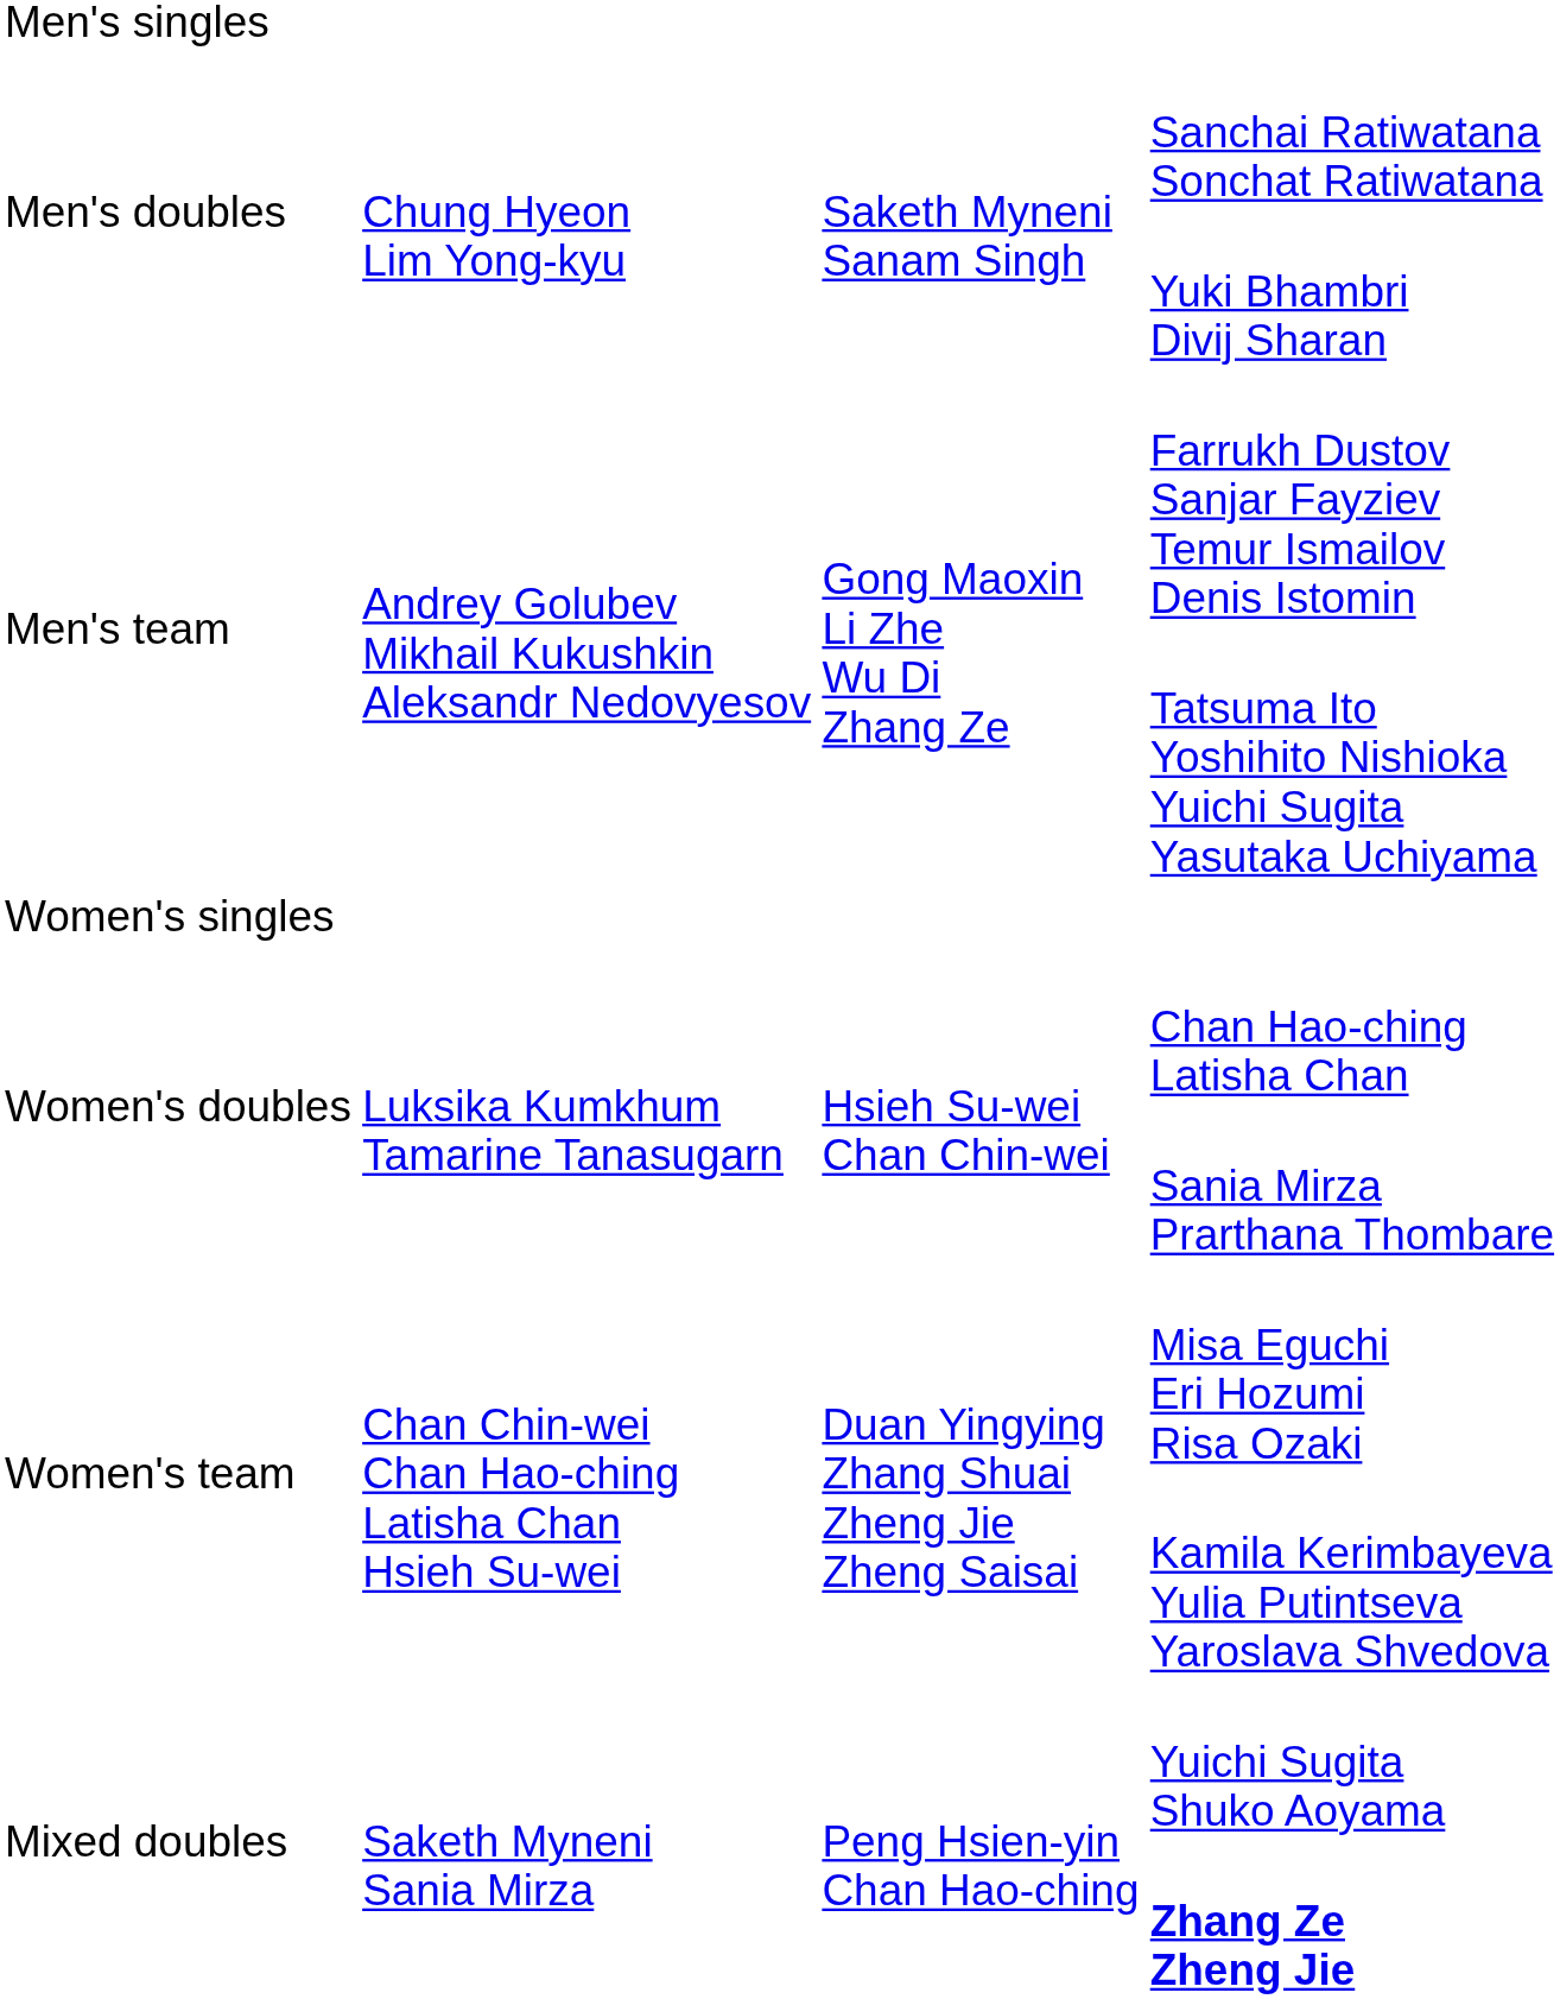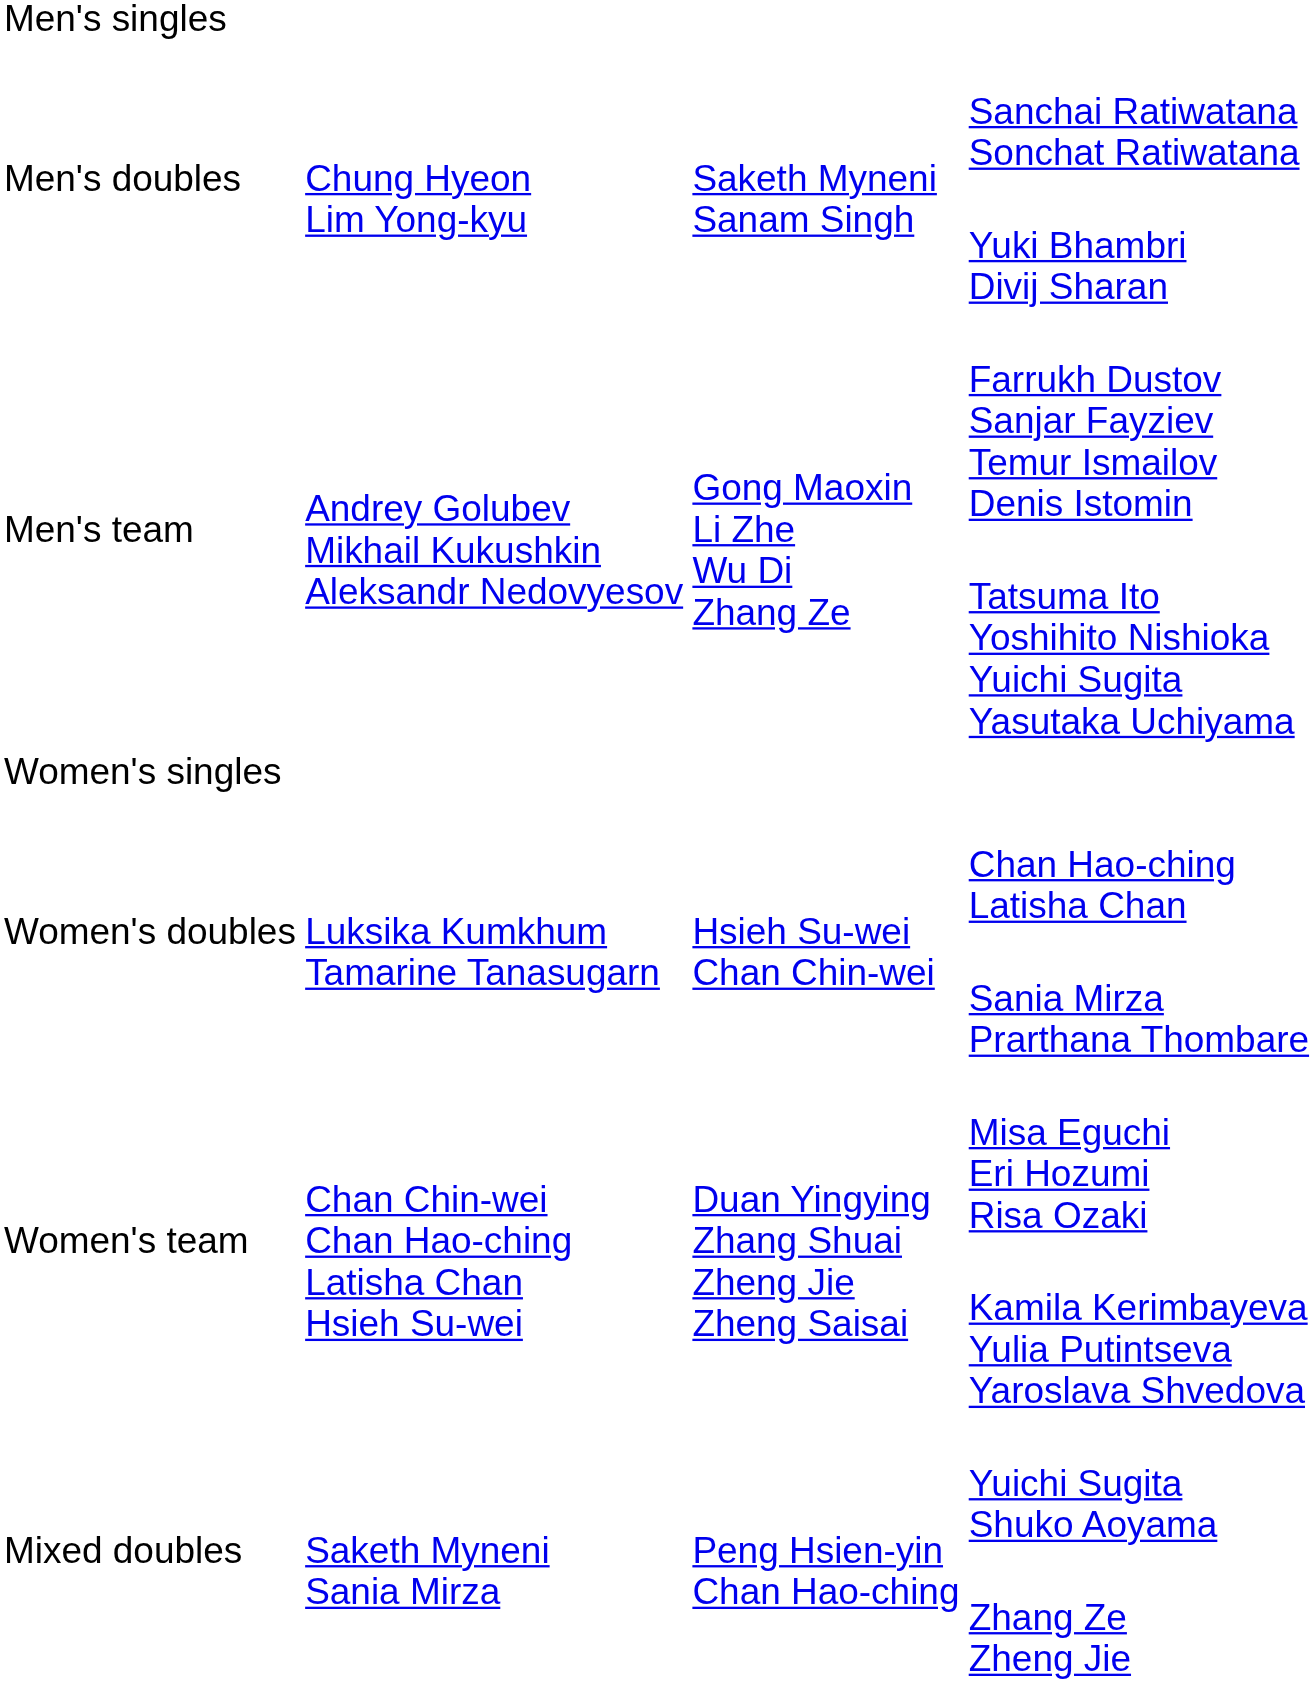 <table>
 <tr>
 <td rowspan=2>Men's singles<br></td>
 <td rowspan=2></td>
 <td rowspan=2></td>
 <td></td>
 </tr>
 <tr>
 <td></td>
 </tr>
 <tr>
 <td rowspan=2>Men's doubles<br></td>
 <td rowspan=2><br><a href='#'>Chung Hyeon</a><br><a href='#'>Lim Yong-kyu</a></td>
 <td rowspan=2><br><a href='#'>Saketh Myneni</a><br><a href='#'>Sanam Singh</a></td>
 <td><br><a href='#'>Sanchai Ratiwatana</a><br><a href='#'>Sonchat Ratiwatana</a></td>
 </tr>
 <tr>
 <td><br><a href='#'>Yuki Bhambri</a><br><a href='#'>Divij Sharan</a></td>
 </tr>
 <tr>
 <td rowspan=2>Men's team<br></td>
 <td rowspan=2><br><a href='#'>Andrey Golubev</a><br><a href='#'>Mikhail Kukushkin</a><br><a href='#'>Aleksandr Nedovyesov</a></td>
 <td rowspan=2><br><a href='#'>Gong Maoxin</a><br><a href='#'>Li Zhe</a><br><a href='#'>Wu Di</a><br><a href='#'>Zhang Ze</a></td>
 <td><br><a href='#'>Farrukh Dustov</a><br><a href='#'>Sanjar Fayziev</a><br><a href='#'>Temur Ismailov</a><br><a href='#'>Denis Istomin</a></td>
 </tr>
 <tr>
 <td><br><a href='#'>Tatsuma Ito</a><br><a href='#'>Yoshihito Nishioka</a><br><a href='#'>Yuichi Sugita</a><br><a href='#'>Yasutaka Uchiyama</a></td>
 </tr>
 <tr>
 <td rowspan=2>Women's singles<br></td>
 <td rowspan=2></td>
 <td rowspan=2></td>
 <td></td>
 </tr>
 <tr>
 <td></td>
 </tr>
 <tr>
 <td rowspan=2>Women's doubles<br></td>
 <td rowspan=2><br><a href='#'>Luksika Kumkhum</a><br><a href='#'>Tamarine Tanasugarn</a></td>
 <td rowspan=2><br><a href='#'>Hsieh Su-wei</a><br><a href='#'>Chan Chin-wei</a></td>
 <td><br><a href='#'>Chan Hao-ching</a><br><a href='#'>Latisha Chan</a></td>
 </tr>
 <tr>
 <td><br><a href='#'>Sania Mirza</a><br><a href='#'>Prarthana Thombare</a></td>
 </tr>
 <tr>
 <td rowspan=2>Women's team<br></td>
 <td rowspan=2><br><a href='#'>Chan Chin-wei</a><br><a href='#'>Chan Hao-ching</a><br><a href='#'>Latisha Chan</a><br><a href='#'>Hsieh Su-wei</a></td>
 <td rowspan=2><br><a href='#'>Duan Yingying</a><br><a href='#'>Zhang Shuai</a><br><a href='#'>Zheng Jie</a><br><a href='#'>Zheng Saisai</a></td>
 <td><br><a href='#'>Misa Eguchi</a><br><a href='#'>Eri Hozumi</a><br><a href='#'>Risa Ozaki</a></td>
 </tr>
 <tr>
 <td><br><a href='#'>Kamila Kerimbayeva</a><br><a href='#'>Yulia Putintseva</a><br><a href='#'>Yaroslava Shvedova</a></td>
 </tr>
 <tr>
 <td rowspan=2>Mixed doubles<br></td>
 <td rowspan=2><br><a href='#'>Saketh Myneni</a><br><a href='#'>Sania Mirza</a></td>
 <td rowspan=2><br><a href='#'>Peng Hsien-yin</a><br><a href='#'>Chan Hao-ching</a></td>
 <td><br><a href='#'>Yuichi Sugita</a><br><a href='#'>Shuko Aoyama</a></td>
 </tr>
 <tr>
-<td><strong><br><a href='#'>Zhang Ze</a><br><a href='#'>Zheng Jie</a></strong></td>
+<td><br><a href='#'>Zhang Ze</a><br><a href='#'>Zheng Jie</a></td>
 </tr>
 </table>
